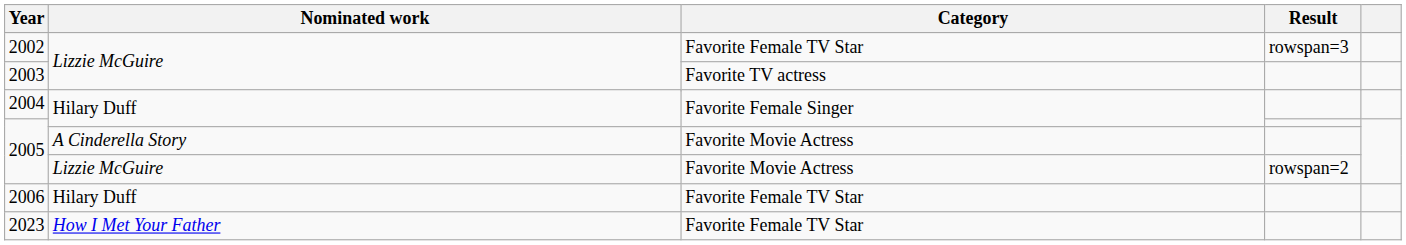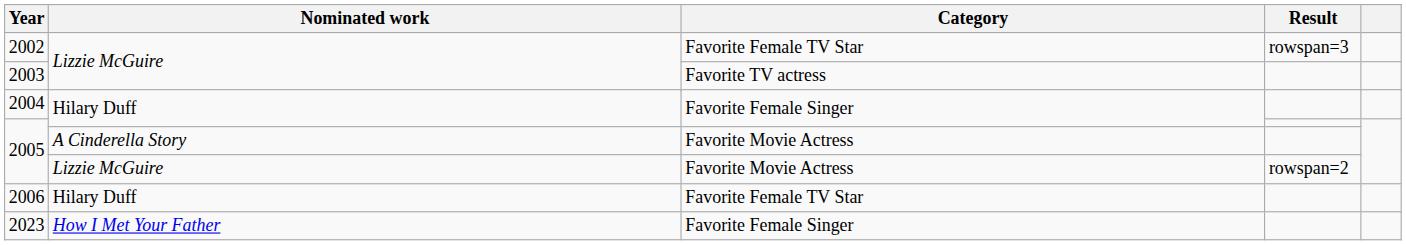 <table class="wikitable sortable">
 <tr>
 <th scope="col" style="width:1em;">Year</th>
 <th scope="col" style="width:39em;">Nominated work</th>
 <th scope="col" style="width:36em;">Category</th>
 <th scope="col" style="width:5em;">Result</th>
 <th scope="col" style="width:2em;" class="unsortable"></th>
 </tr>
 <tr>
 <td>2002</td>
 <td rowspan=3><em>Lizzie McGuire</em></td>
 <td>Favorite Female TV Star</td>
 <td>rowspan=3 </td>
 <td style="text-align:center;"></td>
 </tr>
 <tr>
 <td>2003</td>
 <td rowspan=2>Favorite TV actress</td>
 <td style="text-align:center;"></td>
 </tr>
 <tr>
 <td rowspan=2>2004</td>
 <td style="text-align:center;" rowspan=2></td>
 </tr>
 <tr>
 <td rowspan=2>Hilary Duff</td>
 <td rowspan=2>Favorite Female Singer</td>
 <td></td>
 </tr>
 <tr>
 <td rowspan=3>2005</td>
 <td></td>
 <td style="text-align:center;" rowspan=3></td>
 </tr>
 <tr>
 <td><em>A Cinderella Story</em></td>
 <td>Favorite Movie Actress</td>
 <td></td>
 </tr>
 <tr>
 <td><em>Lizzie McGuire</em></td>
 <td>Favorite Movie Actress</td>
 <td>rowspan=2 </td>
 </tr>
 <tr>
 <td>2006</td>
 <td>Hilary Duff</td>
 <td>Favorite Female TV Star</td>
 <td style="text-align:center;"></td>
 </tr>
 <tr>
 <td>2023</td>
 <td><em><a href='#'>How I Met Your Father</a></em></td>
-<td>Favorite Female TV Star</td>
+<td>Favorite Female Singer</td>
 <td></td>
 <td style="text-align:center;"></td>
 </tr>
 </table>
